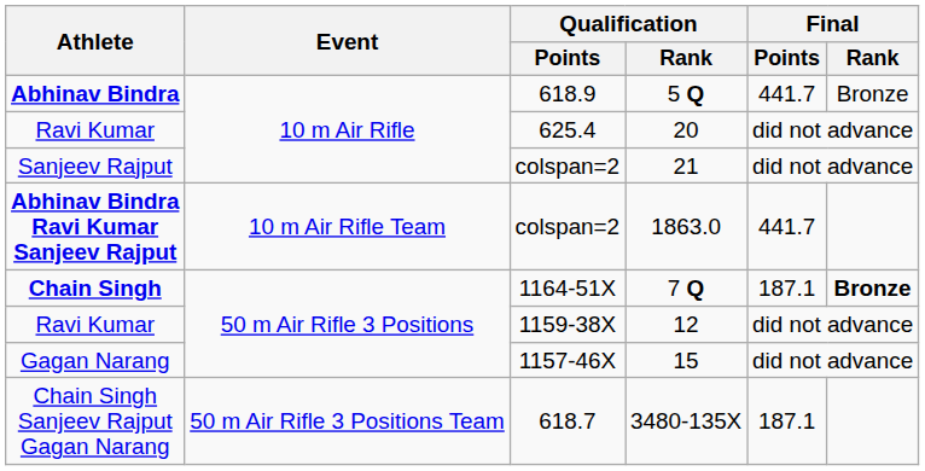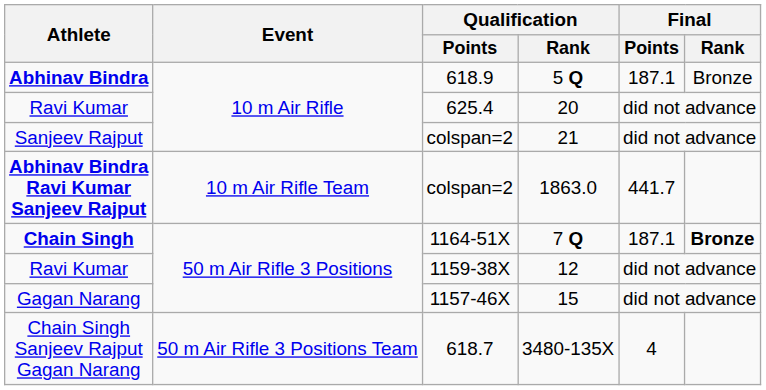 <table class=wikitable style="text-align:center; font-size:90%">
 <tr>
 <th rowspan=2>Athlete</th>
 <th rowspan=2>Event</th>
 <th colspan=2>Qualification</th>
 <th colspan=2>Final</th>
 </tr>
 <tr style="font-size:95%">
 <th>Points</th>
 <th>Rank</th>
 <th>Points</th>
 <th>Rank</th>
 </tr>
 <tr>
 <td><strong><a href='#'>Abhinav Bindra</a></strong></td>
 <td rowspan=3><a href='#'>10 m Air Rifle</a></td>
 <td>618.9</td>
 <td>5 <strong>Q</strong></td>
-<td>441.7</td>
+<td>187.1</td>
 <td> Bronze</td>
 </tr>
 <tr>
 <td><a href='#'>Ravi Kumar</a></td>
 <td>625.4</td>
 <td>20</td>
 <td style="text-align:center;" colspan=2>did not advance</td>
 </tr>
 <tr>
 <td><a href='#'>Sanjeev Rajput</a></td>
 <td>colspan=2 </td>
 <td>21</td>
 <td style="text-align:center;" colspan=2>did not advance</td>
 </tr>
 <tr>
 <td><strong><a href='#'>Abhinav Bindra</a><br><a href='#'>Ravi Kumar</a><br><a href='#'>Sanjeev Rajput</a></strong></td>
 <td><a href='#'>10 m Air Rifle Team</a></td>
 <td>colspan=2 </td>
 <td>1863.0</td>
 <td>441.7</td>
 </tr>
 <tr>
 <td><strong><a href='#'>Chain Singh</a></strong></td>
 <td rowspan=3><a href='#'>50 m Air Rifle 3 Positions</a></td>
 <td>1164-51X</td>
 <td>7 <strong>Q</strong></td>
 <td>187.1</td>
 <td><strong> Bronze</strong></td>
 </tr>
 <tr>
 <td><a href='#'>Ravi Kumar</a></td>
 <td>1159-38X</td>
 <td>12</td>
 <td style="text-align:center;" colspan=2>did not advance</td>
 </tr>
 <tr>
 <td><a href='#'>Gagan Narang</a></td>
 <td>1157-46X</td>
 <td>15</td>
 <td style="text-align:center;" colspan=2>did not advance</td>
 </tr>
 <tr>
 <td><a href='#'>Chain Singh</a><br><a href='#'>Sanjeev Rajput</a><br><a href='#'>Gagan Narang</a></td>
 <td><a href='#'>50 m Air Rifle 3 Positions Team</a></td>
 <td>618.7</td>
 <td>3480-135X</td>
-<td>187.1</td>
+<td>4</td>
 </tr>
 </table>
